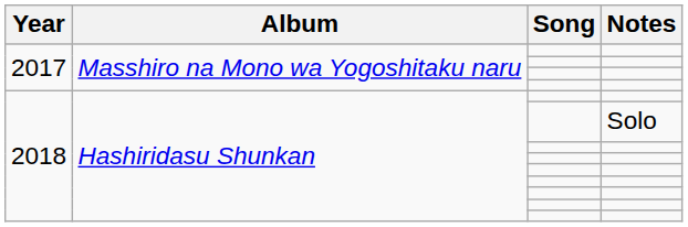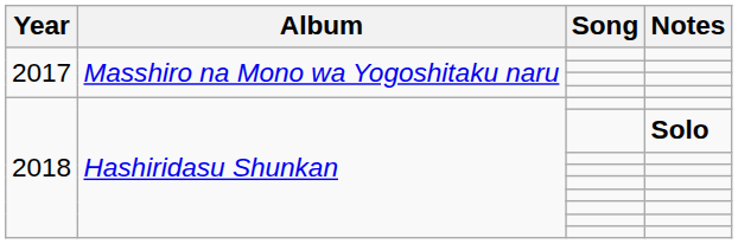 <table class="wikitable">
 <tr>
 <th>Year</th>
 <th>Album</th>
 <th>Song</th>
 <th>Notes</th>
 </tr>
 <tr>
 <td rowspan="4">2017</td>
 <td rowspan="4"><em><a href='#'>Masshiro na Mono wa Yogoshitaku naru</a></em></td>
 <td></td>
 <td></td>
 </tr>
 <tr>
 <td></td>
 <td></td>
 </tr>
 <tr>
 <td></td>
 <td></td>
 </tr>
 <tr>
 <td></td>
 <td></td>
 </tr>
 <tr>
 <td rowspan="9">2018</td>
 <td rowspan="9"><em><a href='#'>Hashiridasu Shunkan</a></em></td>
 <td></td>
 <td></td>
 </tr>
 <tr>
 <td></td>
-<td>Solo</td>
+<td><strong>Solo</strong></td>
 </tr>
 <tr>
 <td></td>
 <td></td>
 </tr>
 <tr>
 <td></td>
 <td></td>
 </tr>
 <tr>
 <td></td>
 <td></td>
 </tr>
 <tr>
 <td></td>
 <td></td>
 </tr>
 <tr>
 <td></td>
 <td></td>
 </tr>
 <tr>
 <td></td>
 <td></td>
 </tr>
 <tr>
 <td></td>
 <td></td>
 </tr>
 </table>
